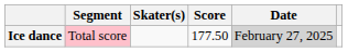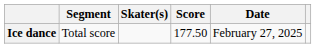 <table class="wikitable unsortable" style="text-align:left">
 <tr>
 <th scope="col"></th>
 <th scope="col">Segment</th>
 <th scope="col">Skater(s)</th>
 <th scope="col">Score</th>
 <th scope="col">Date</th>
 <th scope="col"></th>
 </tr>
 <tr>
 <th scope="row">Ice dance</th>
-<td style="background: pink; text-align:left">Total score</td>
+<td style="text-align:left">Total score</td>
 <td></td>
 <td align=center>177.50</td>
-<td style="background: lightgrey;">February 27, 2025</td>
+<td>February 27, 2025</td>
 <td></td>
 </tr>
 </table>
